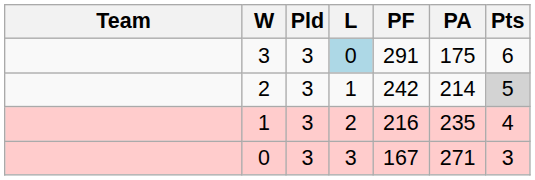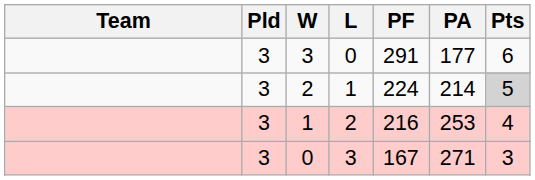 <table class="wikitable" style="text-align:center;">
 <tr>
 <th width=170>Team</th>
+<th width=25>Pld</th>
 <th width=25>W</th>
-<th width=25>Pld</th>
 <th width=25>L</th>
 <th width=35>PF</th>
 <th width=35>PA</th>
 <th width=25>Pts</th>
 </tr>
 <tr>
 <td align="left"></td>
 <td>3</td>
 <td>3</td>
-<td style="background: lightblue;">0</td>
+<td>0</td>
 <td>291</td>
-<td>175</td>
+<td>177</td>
 <td>6</td>
 </tr>
 <tr>
 <td align="left"></td>
+<td>3</td>
 <td>2</td>
-<td>3</td>
 <td>1</td>
-<td>242</td>
+<td>224</td>
 <td>214</td>
 <td style="background: lightgrey;">5</td>
 </tr>
 <tr bgcolor=#ffcccc>
 <td align="left"></td>
+<td>3</td>
 <td>1</td>
-<td>3</td>
 <td>2</td>
 <td>216</td>
-<td>235</td>
+<td>253</td>
 <td>4</td>
 </tr>
 <tr bgcolor=#ffcccc>
 <td align="left"></td>
+<td>3</td>
 <td>0</td>
-<td>3</td>
 <td>3</td>
 <td>167</td>
 <td>271</td>
 <td>3</td>
 </tr>
 </table>
